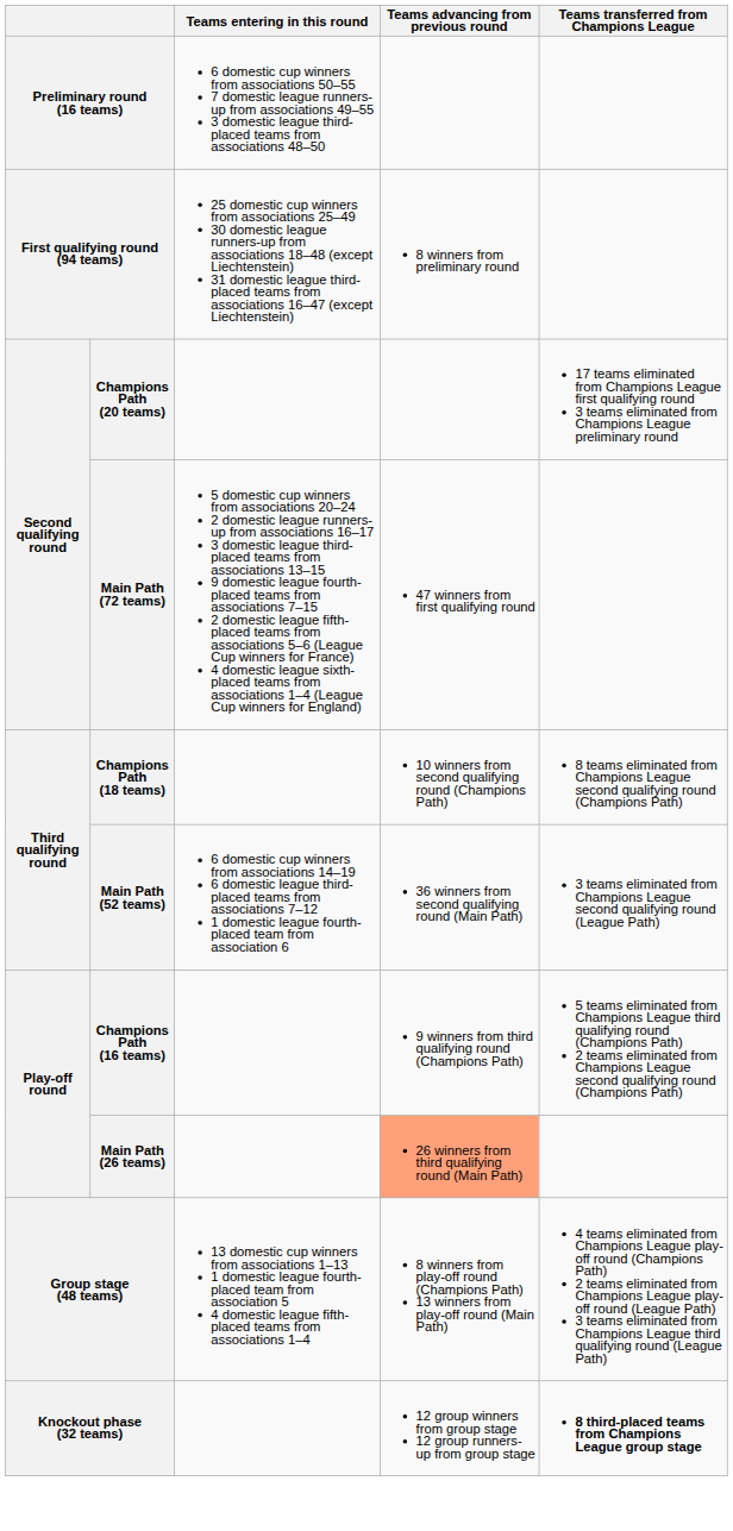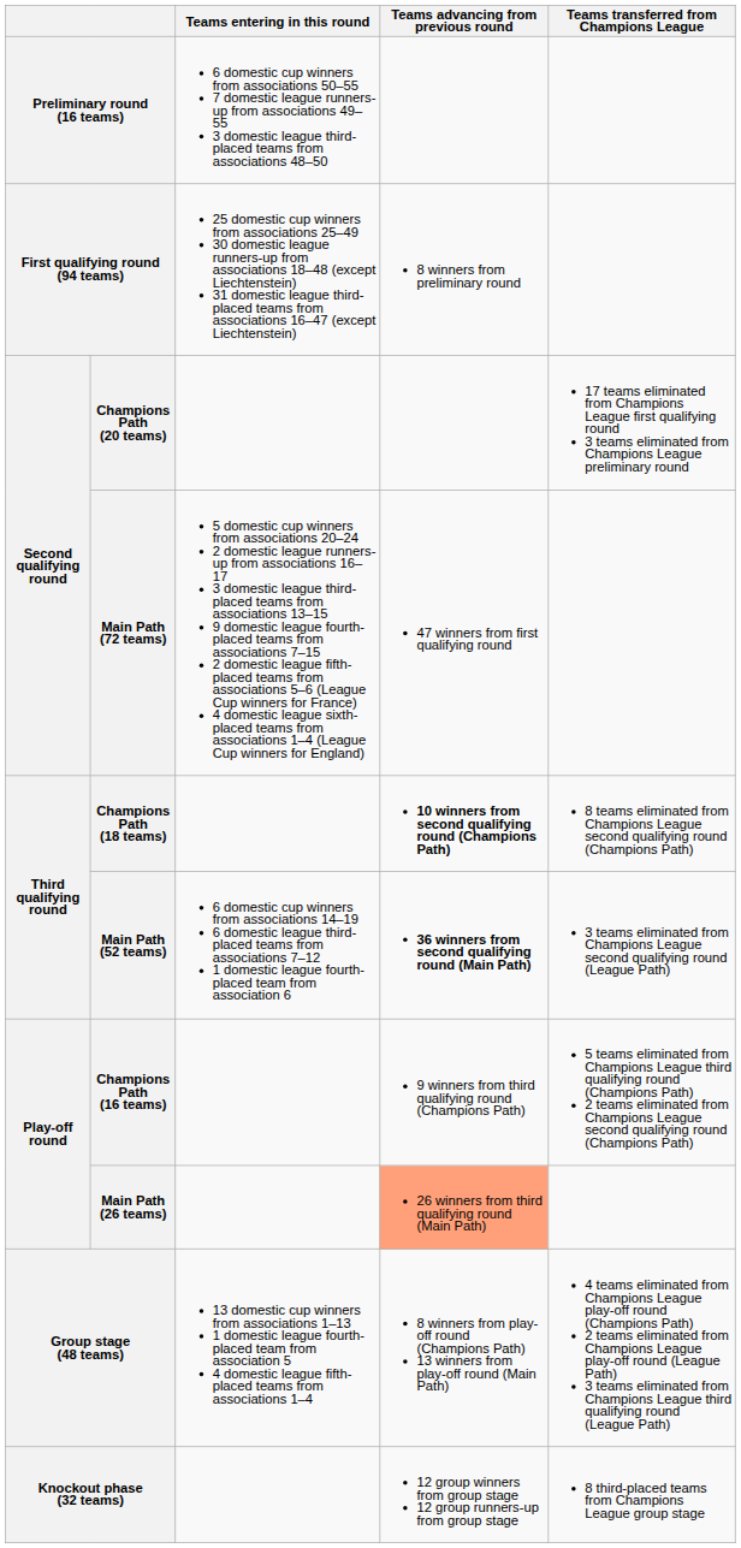 <table class="wikitable" style="line-height:15px;">
 <tr>
 <th colspan=2></th>
 <th>Teams entering in this round</th>
 <th>Teams advancing from previous round</th>
 <th>Teams transferred from Champions League</th>
 </tr>
 <tr>
 <th colspan=2>Preliminary round<br>(16 teams)</th>
 <td><br><ul><li>6 domestic cup winners from associations 50–55</li><li>7 domestic league runners-up from associations 49–55</li><li>3 domestic league third-placed teams from associations 48–50</li></ul></td>
 <td></td>
 <td></td>
 </tr>
 <tr>
 <th colspan=2>First qualifying round<br>(94 teams)</th>
 <td><br><ul><li>25 domestic cup winners from associations 25–49</li><li>30 domestic league runners-up from associations 18–48 (except Liechtenstein)</li><li>31 domestic league third-placed teams from associations 16–47 (except Liechtenstein)</li></ul></td>
 <td><br><ul><li>8 winners from preliminary round</li></ul></td>
 <td></td>
 </tr>
 <tr>
 <th rowspan=2>Second qualifying round</th>
 <th>Champions Path<br>(20 teams)</th>
 <td></td>
 <td></td>
 <td><br><ul><li>17 teams eliminated from Champions League first qualifying round</li><li>3 teams eliminated from Champions League preliminary round</li></ul></td>
 </tr>
 <tr>
 <th>Main Path<br>(72 teams)</th>
 <td><br><ul><li>5 domestic cup winners from associations 20–24</li><li>2 domestic league runners-up from associations 16–17</li><li>3 domestic league third-placed teams from associations 13–15</li><li>9 domestic league fourth-placed teams from associations 7–15</li><li>2 domestic league fifth-placed teams from associations 5–6 (League Cup winners for France)</li><li>4 domestic league sixth-placed teams from associations 1–4 (League Cup winners for England)</li></ul></td>
 <td><br><ul><li>47 winners from first qualifying round</li></ul></td>
 <td></td>
 </tr>
 <tr>
 <th rowspan=2>Third qualifying round</th>
 <th>Champions Path<br>(18 teams)</th>
 <td></td>
-<td><br><ul><li>10 winners from second qualifying round (Champions Path)</li></ul></td>
+<td><strong><br><ul><li>10 winners from second qualifying round (Champions Path)</li></ul></strong></td>
 <td><br><ul><li>8 teams eliminated from Champions League second qualifying round (Champions Path)</li></ul></td>
 </tr>
 <tr>
 <th>Main Path<br>(52 teams)</th>
 <td><br><ul><li>6 domestic cup winners from associations 14–19</li><li>6 domestic league third-placed teams from associations 7–12</li><li>1 domestic league fourth-placed team from association 6</li></ul></td>
-<td><br><ul><li>36 winners from second qualifying round (Main Path)</li></ul></td>
+<td><strong><br><ul><li>36 winners from second qualifying round (Main Path)</li></ul></strong></td>
 <td><br><ul><li>3 teams eliminated from Champions League second qualifying round (League Path)</li></ul></td>
 </tr>
 <tr>
 <th rowspan=2>Play-off round</th>
 <th>Champions Path<br>(16 teams)</th>
 <td></td>
 <td><br><ul><li>9 winners from third qualifying round (Champions Path)</li></ul></td>
 <td><br><ul><li>5 teams eliminated from Champions League third qualifying round (Champions Path)</li><li>2 teams eliminated from Champions League second qualifying round (Champions Path)</li></ul></td>
 </tr>
 <tr>
 <th>Main Path<br>(26 teams)</th>
 <td></td>
 <td style="background: lightsalmon;"><br><ul><li>26 winners from third qualifying round (Main Path)</li></ul></td>
 <td></td>
 </tr>
 <tr>
 <th colspan=2>Group stage<br>(48 teams)</th>
 <td><br><ul><li>13 domestic cup winners from associations 1–13</li><li>1 domestic league fourth-placed team from association 5</li><li>4 domestic league fifth-placed teams from associations 1–4</li></ul></td>
 <td><br><ul><li>8 winners from play-off round (Champions Path)</li><li>13 winners from play-off round (Main Path)</li></ul></td>
 <td><br><ul><li>4 teams eliminated from Champions League play-off round (Champions Path)</li><li>2 teams eliminated from Champions League play-off round (League Path)</li><li>3 teams eliminated from Champions League third qualifying round (League Path)</li></ul></td>
 </tr>
 <tr>
 <th colspan=2>Knockout phase<br>(32 teams)</th>
 <td></td>
 <td><br><ul><li>12 group winners from group stage</li><li>12 group runners-up from group stage</li></ul></td>
-<td><strong><br><ul><li>8 third-placed teams from Champions League group stage</li></ul></strong></td>
+<td><br><ul><li>8 third-placed teams from Champions League group stage</li></ul></td>
 </tr>
 </table>
